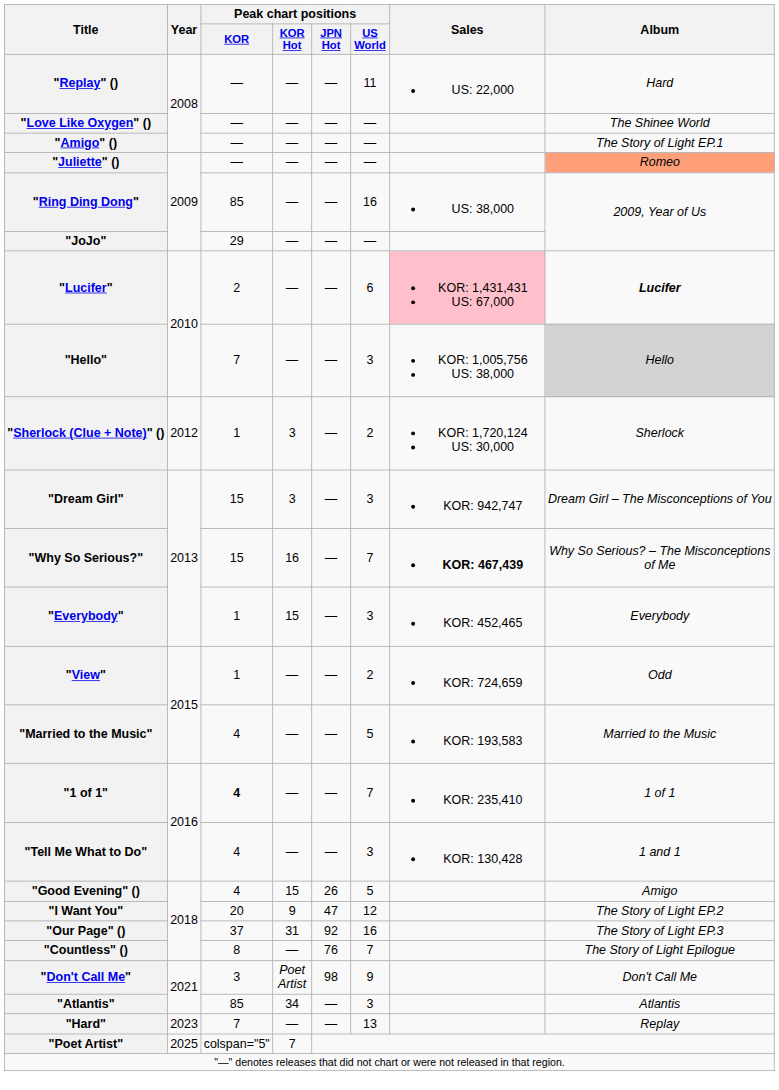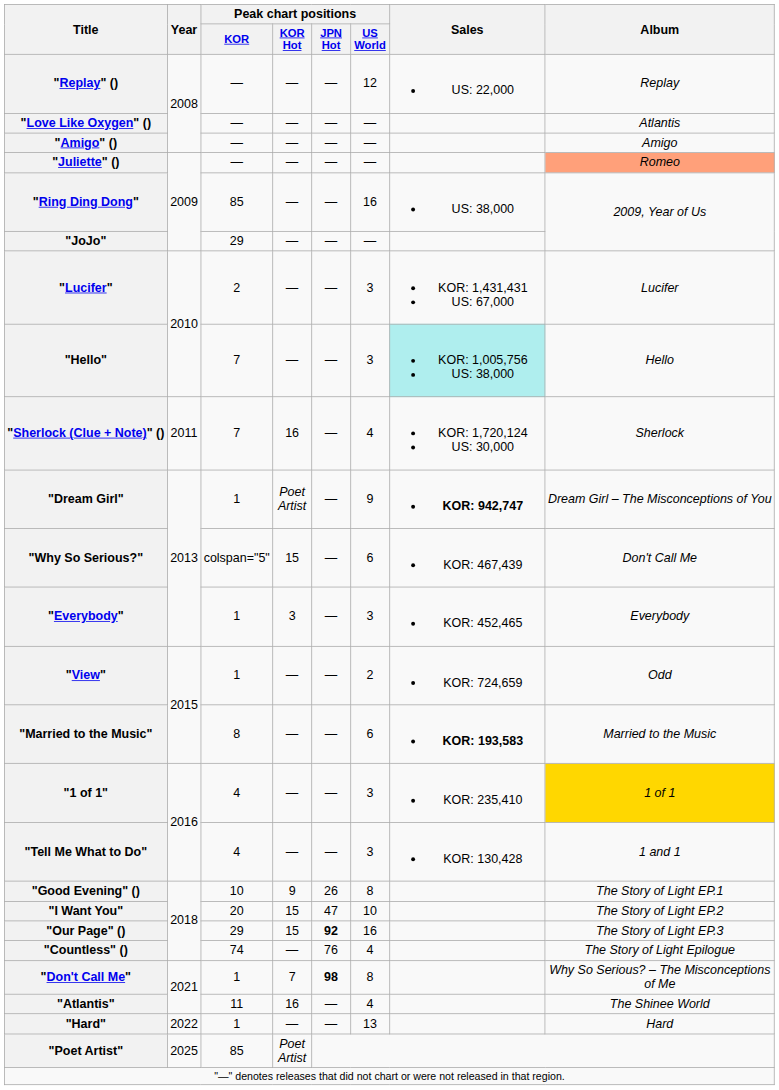 <table class="wikitable plainrowheaders" style="text-align:center;">
 <tr>
 <th scope="col" rowspan="2">Title</th>
 <th scope="col" rowspan="2">Year</th>
 <th scope="col" colspan="4">Peak chart positions</th>
 <th scope="col" rowspan="2" style="width:12em;">Sales</th>
 <th scope="col" rowspan="2">Album</th>
 </tr>
 <tr>
 <th scope="col" style="width:3em;font-size:90%;"><a href='#'>KOR</a><br></th>
 <th scope="col" style="width:3em;font-size:90%;"><a href='#'>KOR<br>Hot</a><br></th>
 <th scope="col" style="width:3em;font-size:90%;"><a href='#'>JPN<br>Hot</a><br></th>
 <th scope="col" style="width:3em;font-size:90%;"><a href='#'>US<br>World</a><br></th>
 </tr>
 <tr>
 <th scope="row">"<a href='#'>Replay</a>" ()</th>
 <td rowspan="3">2008</td>
 <td>—</td>
 <td>—</td>
 <td>—</td>
-<td>11</td>
+<td>12</td>
 <td><br><ul><li>US: 22,000</li></ul></td>
-<td><em>Hard</em></td>
+<td><em>Replay</em></td>
 </tr>
 <tr>
 <th scope="row">"<a href='#'>Love Like Oxygen</a>" ()</th>
 <td>—</td>
 <td>—</td>
 <td>—</td>
 <td>—</td>
 <td></td>
-<td><em>The Shinee World</em></td>
+<td><em>Atlantis</em></td>
 </tr>
 <tr>
 <th scope="row">"<a href='#'>Amigo</a>" ()</th>
 <td>—</td>
 <td>—</td>
 <td>—</td>
 <td>—</td>
 <td></td>
-<td><em>The Story of Light EP.1</em></td>
+<td><em>Amigo</em></td>
 </tr>
 <tr>
 <th scope="row">"<a href='#'>Juliette</a>" ()</th>
 <td rowspan="3">2009</td>
 <td>—</td>
 <td>—</td>
 <td>—</td>
 <td>—</td>
 <td></td>
 <td style="background: lightsalmon;"><em>Romeo</em></td>
 </tr>
 <tr>
 <th scope="row">"<a href='#'>Ring Ding Dong</a>"</th>
 <td>85</td>
 <td>—</td>
 <td>—</td>
 <td>16</td>
 <td><br><ul><li>US: 38,000</li></ul></td>
 <td rowspan="2"><em>2009, Year of Us</em></td>
 </tr>
 <tr>
 <th scope="row">"JoJo"</th>
 <td>29</td>
 <td>—</td>
 <td>—</td>
 <td>—</td>
 <td></td>
 </tr>
 <tr>
 <th scope="row">"<a href='#'>Lucifer</a>"</th>
 <td rowspan="2">2010</td>
 <td>2</td>
 <td>—</td>
 <td>—</td>
-<td>6</td>
-<td style="background: pink;"><br><ul><li>KOR: 1,431,431</li><li>US: 67,000</li></ul></td>
-<td><strong><em>Lucifer</em></strong></td>
+<td>3</td>
+<td><br><ul><li>KOR: 1,431,431</li><li>US: 67,000</li></ul></td>
+<td><em>Lucifer</em></td>
 </tr>
 <tr>
 <th scope="row">"Hello"</th>
 <td>7</td>
 <td>—</td>
 <td>—</td>
 <td>3</td>
-<td><br><ul><li>KOR: 1,005,756</li><li>US: 38,000</li></ul></td>
-<td style="background: lightgrey;"><em>Hello</em></td>
+<td style="background: paleturquoise;"><br><ul><li>KOR: 1,005,756</li><li>US: 38,000</li></ul></td>
+<td><em>Hello</em></td>
 </tr>
 <tr>
 <th scope="row">"<a href='#'>Sherlock (Clue + Note)</a>" ()</th>
-<td>2012</td>
-<td>1</td>
-<td>3</td>
+<td>2011</td>
+<td>7</td>
+<td>16</td>
 <td>—</td>
-<td>2</td>
+<td>4</td>
 <td><br><ul><li>KOR: 1,720,124</li><li>US: 30,000</li></ul></td>
 <td><em>Sherlock</em></td>
 </tr>
 <tr>
 <th scope="row">"Dream Girl"</th>
 <td rowspan="3">2013</td>
-<td>15</td>
-<td>3</td>
+<td>1</td>
+<td><em>Poet Artist</em></td>
 <td>—</td>
-<td>3</td>
-<td><br><ul><li>KOR: 942,747</li></ul></td>
+<td>9</td>
+<td><strong><br><ul><li>KOR: 942,747</li></ul></strong></td>
 <td><em>Dream Girl – The Misconceptions of You</em></td>
 </tr>
 <tr>
 <th scope="row">"Why So Serious?"</th>
+<td>colspan="5" </td>
 <td>15</td>
-<td>16</td>
 <td>—</td>
-<td>7</td>
-<td><strong><br><ul><li>KOR: 467,439</li></ul></strong></td>
-<td><em>Why So Serious? – The Misconceptions<br>of Me</em></td>
+<td>6</td>
+<td><br><ul><li>KOR: 467,439</li></ul></td>
+<td><em>Don't Call Me</em></td>
 </tr>
 <tr>
 <th scope="row">"<a href='#'>Everybody</a>"</th>
 <td>1</td>
-<td>15</td>
+<td>3</td>
 <td>—</td>
 <td>3</td>
 <td><br><ul><li>KOR: 452,465</li></ul></td>
 <td><em>Everybody</em></td>
 </tr>
 <tr>
 <th scope="row">"<a href='#'>View</a>"</th>
 <td rowspan="2">2015</td>
 <td>1</td>
 <td>—</td>
 <td>—</td>
 <td>2</td>
 <td><br><ul><li>KOR: 724,659</li></ul></td>
 <td><em>Odd</em></td>
 </tr>
 <tr>
 <th scope="row">"Married to the Music"</th>
-<td>4</td>
+<td>8</td>
 <td>—</td>
 <td>—</td>
-<td>5</td>
-<td><br><ul><li>KOR: 193,583</li></ul></td>
+<td>6</td>
+<td><strong><br><ul><li>KOR: 193,583</li></ul></strong></td>
 <td><em>Married to the Music</em></td>
 </tr>
 <tr>
 <th scope="row">"1 of 1"</th>
 <td rowspan="2">2016</td>
-<td><strong>4</strong></td>
+<td>4</td>
 <td>—</td>
 <td>—</td>
-<td>7</td>
+<td>3</td>
 <td><br><ul><li>KOR: 235,410</li></ul></td>
-<td><em>1 of 1</em></td>
+<td style="background: gold;"><em>1 of 1</em></td>
 </tr>
 <tr>
 <th scope="row">"Tell Me What to Do"</th>
 <td>4</td>
 <td>—</td>
 <td>—</td>
 <td>3</td>
 <td><br><ul><li>KOR: 130,428</li></ul></td>
 <td><em>1 and 1</em></td>
 </tr>
 <tr>
 <th scope="row">"Good Evening" ()</th>
 <td rowspan="4">2018</td>
-<td>4</td>
-<td>15</td>
+<td>10</td>
+<td>9</td>
 <td>26</td>
-<td>5</td>
+<td>8</td>
 <td></td>
-<td><em>Amigo</em></td>
+<td><em>The Story of Light EP.1</em></td>
 </tr>
 <tr>
 <th scope="row">"I Want You"</th>
 <td>20</td>
-<td>9</td>
+<td>15</td>
 <td>47</td>
-<td>12</td>
+<td>10</td>
 <td></td>
 <td><em>The Story of Light EP.2</em></td>
 </tr>
 <tr>
 <th scope="row">"Our Page" ()</th>
-<td>37</td>
-<td>31</td>
-<td>92</td>
+<td>29</td>
+<td>15</td>
+<td><strong>92</strong></td>
 <td>16</td>
 <td></td>
 <td><em>The Story of Light EP.3</em></td>
 </tr>
 <tr>
 <th scope="row">"Countless" ()</th>
-<td>8</td>
+<td>74</td>
 <td>—</td>
 <td>76</td>
-<td>7</td>
+<td>4</td>
 <td></td>
 <td><em>The Story of Light Epilogue</em></td>
 </tr>
 <tr>
 <th scope="row">"<a href='#'>Don't Call Me</a>"</th>
 <td rowspan="2">2021</td>
-<td>3</td>
-<td><em>Poet Artist</em></td>
-<td>98</td>
-<td>9</td>
+<td>1</td>
+<td>7</td>
+<td><strong>98</strong></td>
+<td>8</td>
 <td></td>
-<td><em>Don't Call Me</em></td>
+<td><em>Why So Serious? – The Misconceptions<br>of Me</em></td>
 </tr>
 <tr>
 <th scope="row">"Atlantis"</th>
-<td>85</td>
-<td>34</td>
+<td>11</td>
+<td>16</td>
 <td>—</td>
-<td>3</td>
+<td>4</td>
 <td></td>
-<td><em>Atlantis</em></td>
+<td><em>The Shinee World</em></td>
 </tr>
 <tr>
 <th scope="row">"Hard"</th>
-<td>2023</td>
-<td>7</td>
+<td>2022</td>
+<td>1</td>
 <td>—</td>
 <td>—</td>
 <td>13</td>
 <td></td>
-<td><em>Replay</em></td>
+<td><em>Hard</em></td>
 </tr>
 <tr>
 <th scope="row">"Poet  Artist"</th>
 <td>2025</td>
-<td>colspan="5" </td>
-<td>7</td>
+<td>85</td>
+<td><em>Poet Artist</em></td>
 </tr>
 <tr>
 <td colspan="14" style="font-size:85%">"—" denotes releases that did not chart or were not released in that region.</td>
 </tr>
 </table>
